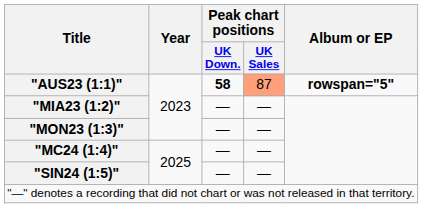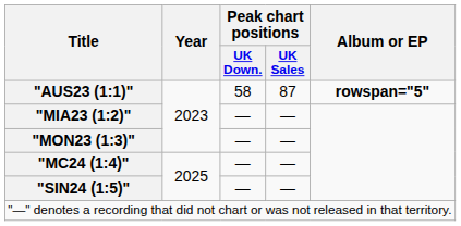 <table class="wikitable plainrowheaders" style="text-align:center;">
 <tr>
 <th scope="col" rowspan="2">Title</th>
 <th scope="col" rowspan="2">Year</th>
 <th scope="col" colspan="2">Peak chart positions</th>
 <th scope="col" rowspan="2">Album or EP</th>
 </tr>
 <tr>
 <th scope="col" style="width:3em;font-size:85%;"><a href='#'>UK<br>Down.</a><br></th>
 <th scope="col" style="width:3em;font-size:85%;"><a href='#'>UK<br>Sales</a><br></th>
 </tr>
 <tr>
 <th scope="row">"AUS23 (1:1)"</th>
 <td rowspan="3">2023</td>
-<td><strong>58</strong></td>
-<td style="background: lightsalmon;">87</td>
+<td>58</td>
+<td>87</td>
 <td><strong>rowspan="5" </strong></td>
 </tr>
 <tr>
 <th scope="row">"MIA23 (1:2)"</th>
 <td>—</td>
 <td>—</td>
 </tr>
 <tr>
 <th scope="row">"MON23 (1:3)"</th>
 <td>—</td>
 <td>—</td>
 </tr>
 <tr>
 <th scope="row">"MC24 (1:4)"</th>
 <td rowspan="2">2025</td>
 <td>—</td>
 <td>—</td>
 </tr>
 <tr>
 <th scope="row">"SIN24 (1:5)"</th>
 <td>—</td>
 <td>—</td>
 </tr>
 <tr>
 <td colspan="5" style="font-size:85%">"—" denotes a recording that did not chart or was not released in that territory.</td>
 </tr>
 </table>
